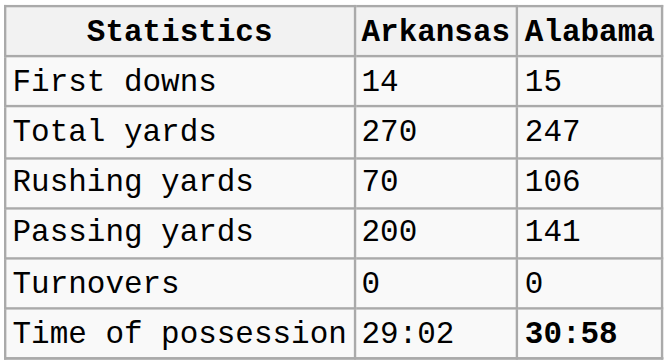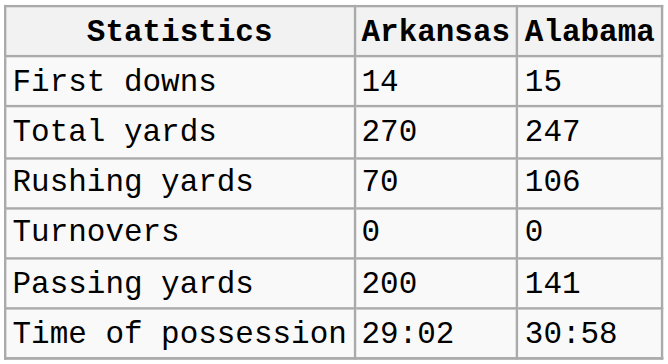 <table class="wikitable" style="float: left;">
 <tr>
 <th>Statistics</th>
 <th style=>Arkansas</th>
 <th>Alabama</th>
 </tr>
 <tr>
 <td>First downs</td>
 <td>14</td>
 <td>15</td>
 </tr>
 <tr>
 <td>Total yards</td>
 <td>270</td>
 <td>247</td>
 </tr>
 <tr>
 <td>Rushing yards</td>
 <td>70</td>
 <td>106</td>
 </tr>
 <tr>
+<td>Turnovers</td>
+<td>0</td>
+<td>0</td>
+</tr>
+<tr>
 <td>Passing yards</td>
 <td>200</td>
 <td>141</td>
 </tr>
 <tr>
-<td>Turnovers</td>
-<td>0</td>
-<td>0</td>
-</tr>
-<tr>
 <td>Time of possession</td>
 <td>29:02</td>
-<td><strong>30:58</strong></td>
+<td>30:58</td>
 </tr>
 <tr>
 </tr>
 </table>
